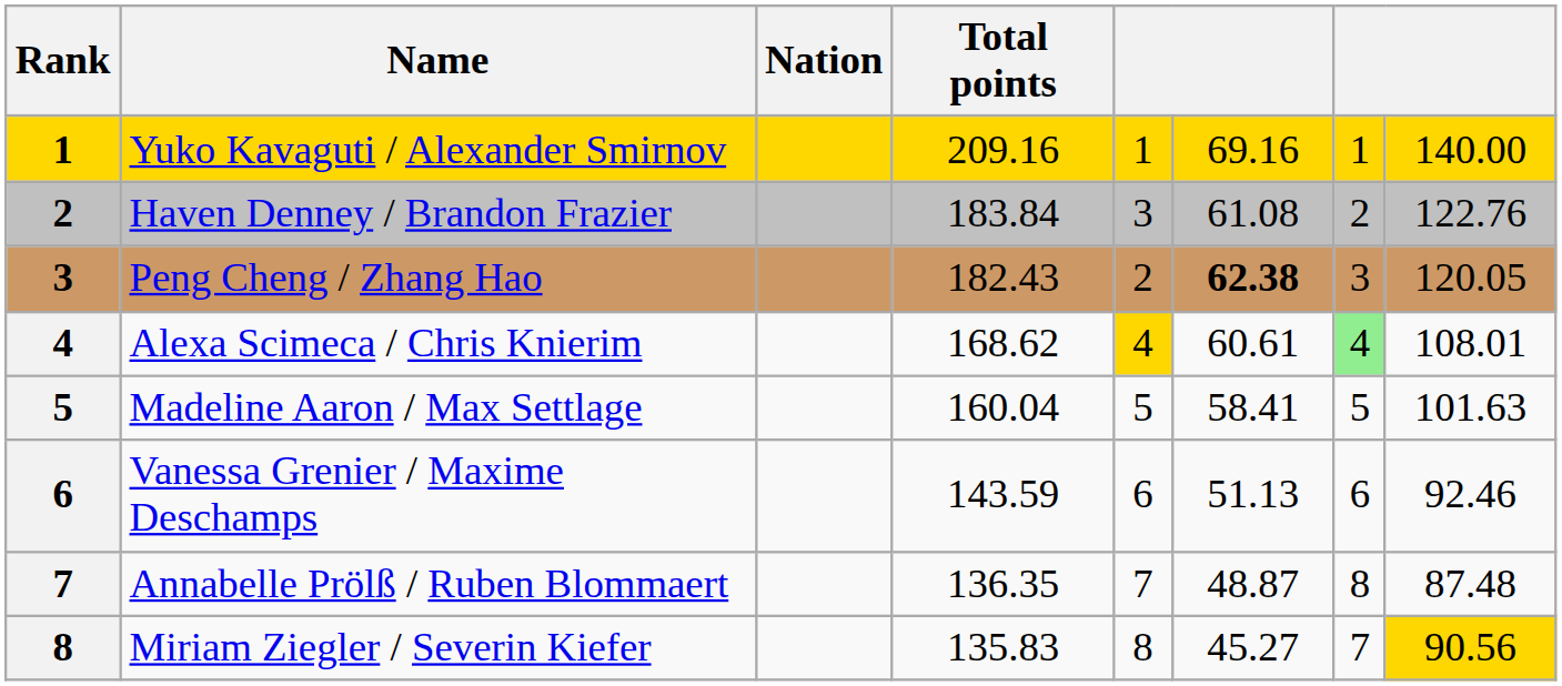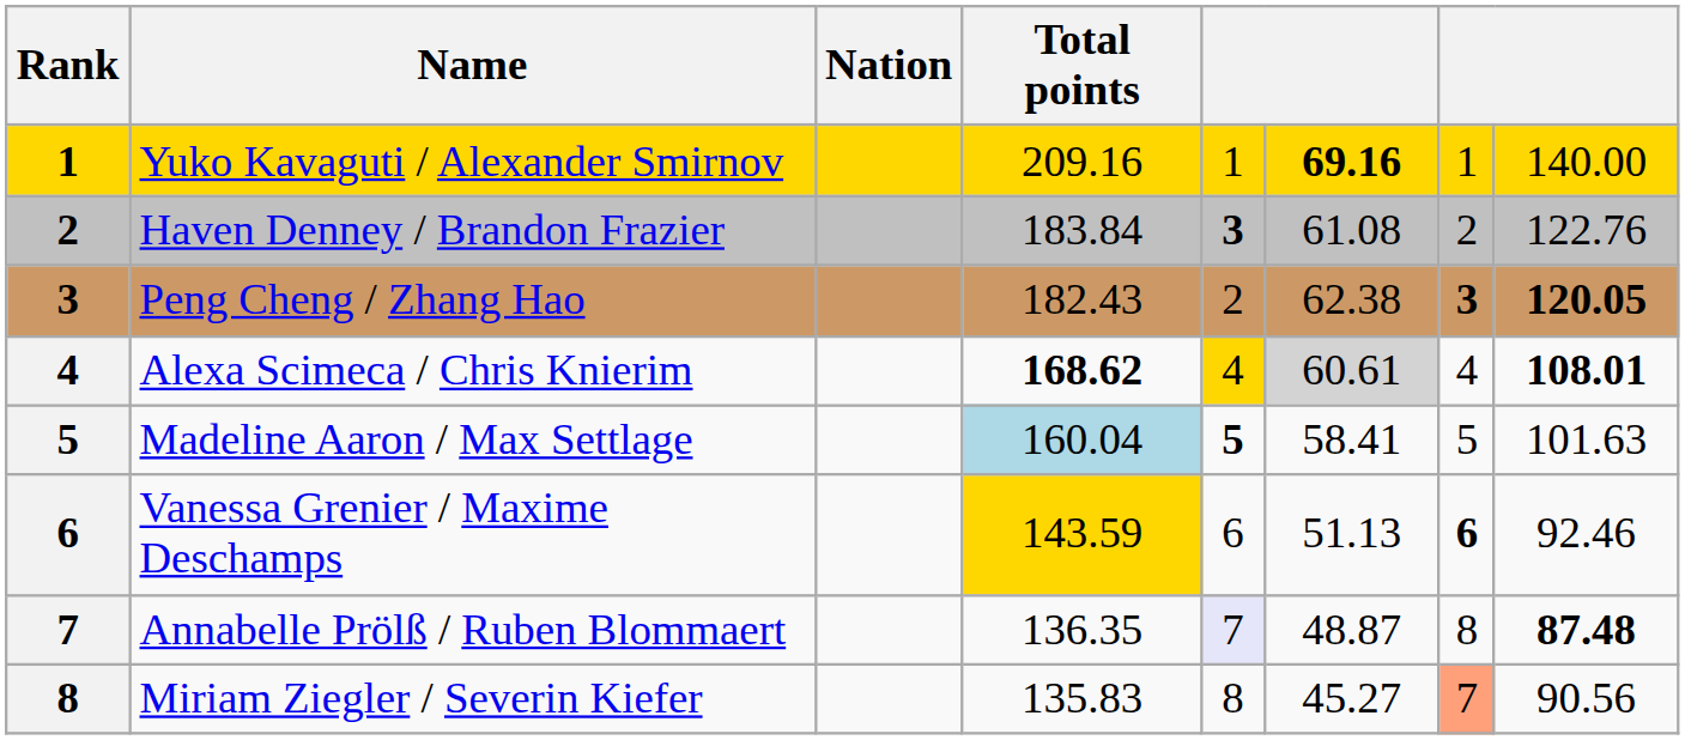 <table class="wikitable sortable">
 <tr>
 <th>Rank</th>
 <th>Name</th>
 <th>Nation</th>
 <th>Total points</th>
 <th colspan="2" width="80px"></th>
 <th colspan="2" width="80px"></th>
 </tr>
 <tr bgcolor="gold">
 <td align="center"><strong>1</strong></td>
 <td><a href='#'>Yuko Kavaguti</a> / <a href='#'>Alexander Smirnov</a></td>
 <td></td>
 <td align="center">209.16</td>
 <td align="center">1</td>
-<td align="center">69.16</td>
+<td align="center"><strong>69.16</strong></td>
 <td align="center">1</td>
 <td align="center">140.00</td>
 </tr>
 <tr bgcolor="silver">
 <td align="center"><strong>2</strong></td>
 <td><a href='#'>Haven Denney</a> / <a href='#'>Brandon Frazier</a></td>
 <td></td>
 <td align="center">183.84</td>
-<td align="center">3</td>
+<td align="center"><strong>3</strong></td>
 <td align="center">61.08</td>
 <td align="center">2</td>
 <td align="center">122.76</td>
 </tr>
 <tr bgcolor="cc9966">
 <td align="center"><strong>3</strong></td>
 <td><a href='#'>Peng Cheng</a> / <a href='#'>Zhang Hao</a></td>
 <td></td>
 <td align="center">182.43</td>
 <td align="center">2</td>
-<td align="center"><strong>62.38</strong></td>
-<td align="center">3</td>
-<td align="center">120.05</td>
+<td align="center">62.38</td>
+<td align="center"><strong>3</strong></td>
+<td align="center"><strong>120.05</strong></td>
 </tr>
 <tr>
 <th>4</th>
 <td><a href='#'>Alexa Scimeca</a> / <a href='#'>Chris Knierim</a></td>
 <td></td>
-<td align="center">168.62</td>
+<td align="center"><strong>168.62</strong></td>
 <td align="center" style="background: gold;">4</td>
-<td align="center">60.61</td>
-<td align="center" style="background: lightgreen;">4</td>
-<td align="center">108.01</td>
+<td align="center" style="background: lightgrey;">60.61</td>
+<td align="center">4</td>
+<td align="center"><strong>108.01</strong></td>
 </tr>
 <tr>
 <th>5</th>
 <td><a href='#'>Madeline Aaron</a> / <a href='#'>Max Settlage</a></td>
 <td></td>
-<td align="center">160.04</td>
-<td align="center">5</td>
+<td align="center" style="background: lightblue;">160.04</td>
+<td align="center"><strong>5</strong></td>
 <td align="center">58.41</td>
 <td align="center">5</td>
 <td align="center">101.63</td>
 </tr>
 <tr>
 <th>6</th>
 <td><a href='#'>Vanessa Grenier</a> / <a href='#'>Maxime Deschamps</a></td>
 <td></td>
-<td align="center">143.59</td>
+<td align="center" style="background: gold;">143.59</td>
 <td align="center">6</td>
 <td align="center">51.13</td>
-<td align="center">6</td>
+<td align="center"><strong>6</strong></td>
 <td align="center">92.46</td>
 </tr>
 <tr>
 <th>7</th>
 <td><a href='#'>Annabelle Prölß</a> / <a href='#'>Ruben Blommaert</a></td>
 <td></td>
 <td align="center">136.35</td>
-<td align="center">7</td>
+<td align="center" style="background: lavender;">7</td>
 <td align="center">48.87</td>
 <td align="center">8</td>
-<td align="center">87.48</td>
+<td align="center"><strong>87.48</strong></td>
 </tr>
 <tr>
 <th>8</th>
 <td><a href='#'>Miriam Ziegler</a> / <a href='#'>Severin Kiefer</a></td>
 <td></td>
 <td align="center">135.83</td>
 <td align="center">8</td>
 <td align="center">45.27</td>
-<td align="center">7</td>
-<td align="center" style="background: gold;">90.56</td>
+<td align="center" style="background: lightsalmon;">7</td>
+<td align="center">90.56</td>
 </tr>
 </table>
